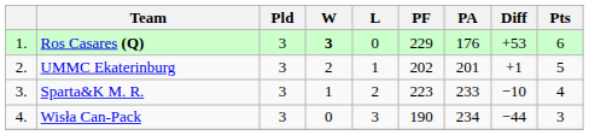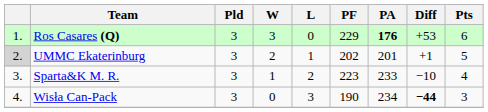 <table class="wikitable" style="text-align:center">
 <tr>
 <th width=25></th>
 <th width=220>Team</th>
 <th width=40>Pld</th>
 <th width=40>W</th>
 <th width=40>L</th>
 <th width=40>PF</th>
 <th width=40>PA</th>
 <th width=40>Diff</th>
 <th width=40>Pts</th>
 </tr>
 <tr style="background:#ccffcc;">
 <td>1.</td>
 <td align=left> <a href='#'>Ros Casares</a> <strong>(Q)</strong></td>
 <td>3</td>
-<td><strong>3</strong></td>
+<td>3</td>
 <td>0</td>
 <td>229</td>
-<td>176</td>
+<td><strong>176</strong></td>
 <td>+53</td>
 <td>6</td>
 </tr>
 <tr>
-<td>2.</td>
+<td style="background: lightgrey;">2.</td>
 <td align=left> <a href='#'>UMMC Ekaterinburg</a></td>
 <td>3</td>
 <td>2</td>
 <td>1</td>
 <td>202</td>
 <td>201</td>
 <td>+1</td>
 <td>5</td>
 </tr>
 <tr>
 <td>3.</td>
 <td align=left> <a href='#'>Sparta&K M. R.</a></td>
 <td>3</td>
 <td>1</td>
 <td>2</td>
 <td>223</td>
 <td>233</td>
 <td>−10</td>
 <td>4</td>
 </tr>
 <tr>
 <td>4.</td>
 <td align=left> <a href='#'>Wisła Can-Pack</a></td>
 <td>3</td>
 <td>0</td>
 <td>3</td>
 <td>190</td>
 <td>234</td>
-<td>−44</td>
+<td><strong>−44</strong></td>
 <td>3</td>
 </tr>
 <tr>
 </tr>
 </table>
